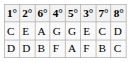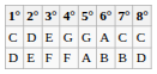 <table class="wikitable">
 <tr>
 <th>1°</th>
 <th>2°</th>
-<th>6°</th>
+<th>3°</th>
 <th>4°</th>
 <th>5°</th>
-<th>3°</th>
+<th>6°</th>
 <th>7°</th>
 <th>8°</th>
 </tr>
 <tr>
 <td>C</td>
+<td>D</td>
 <td>E</td>
-<td>A</td>
 <td>G</td>
 <td>G</td>
-<td>E</td>
+<td>A</td>
 <td>C</td>
-<td>D</td>
+<td>C</td>
 </tr>
 <tr>
 <td>D</td>
-<td>D</td>
-<td>B</td>
+<td>E</td>
+<td>F</td>
 <td>F</td>
 <td>A</td>
-<td>F</td>
 <td>B</td>
-<td>C</td>
+<td>B</td>
+<td>D</td>
 </tr>
 </table>
